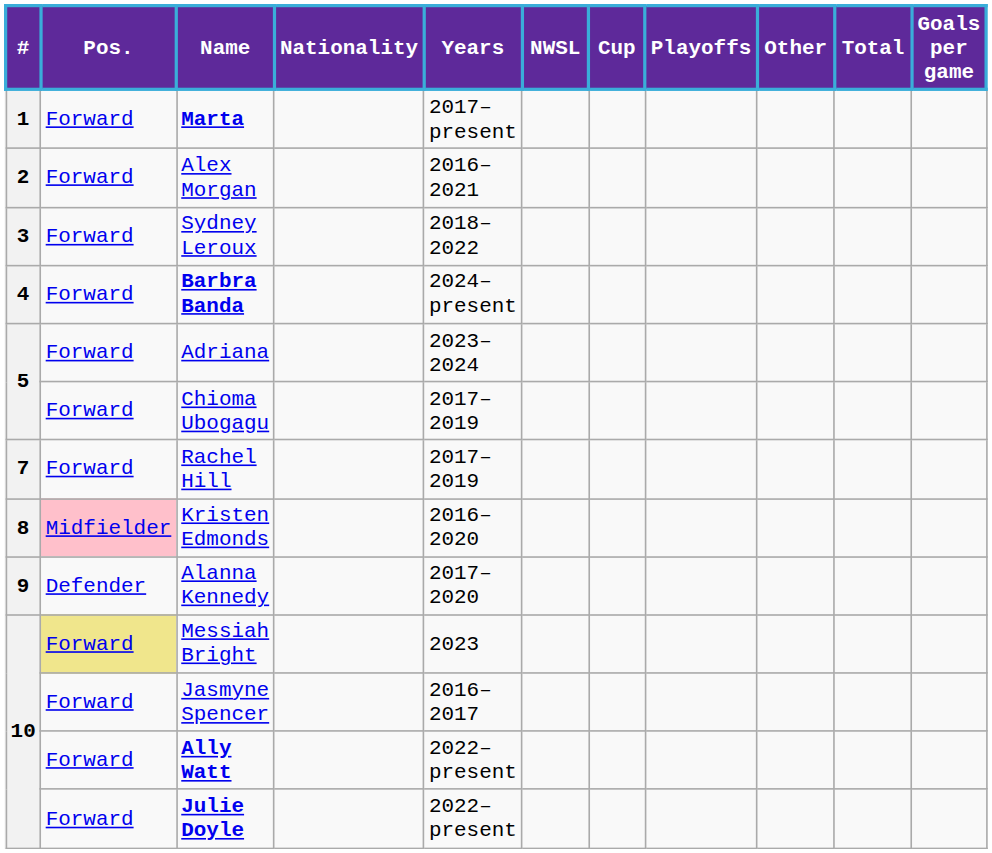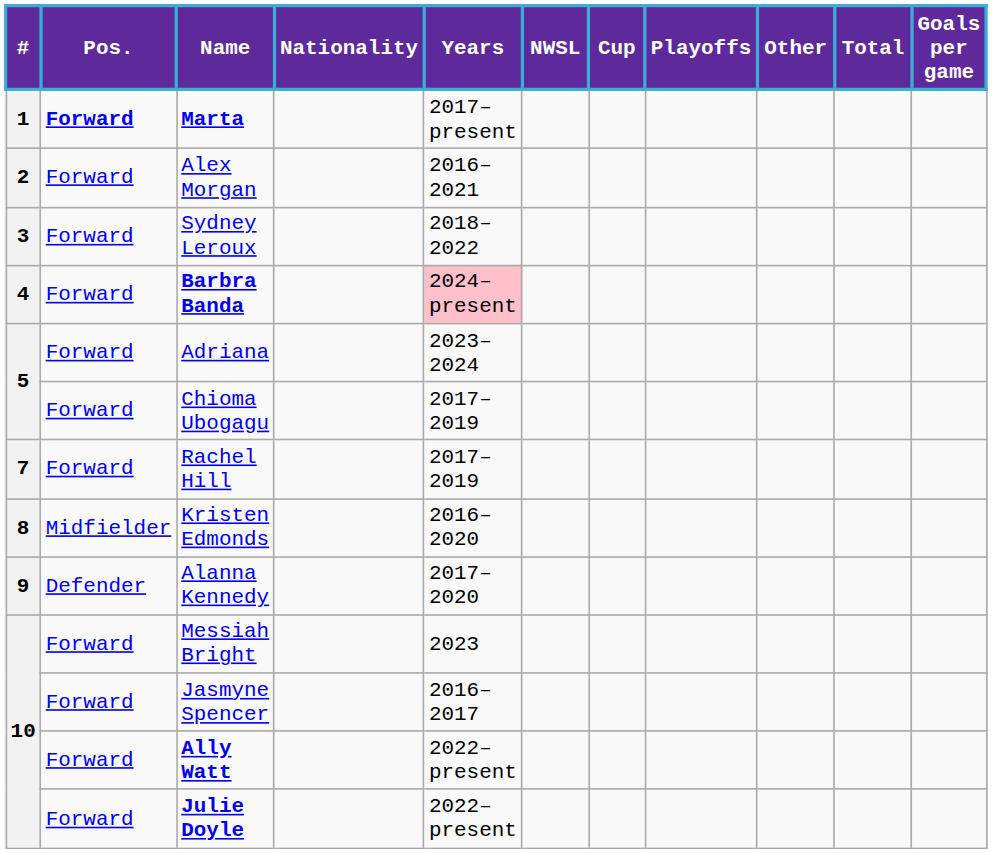 <table class="wikitable sortable" style="text-align:center;">
 <tr>
 <th style="background-color:#5E299A; color:#FFFFFF; border:2px solid #3aadd9;" scope="col">#</th>
 <th style="background-color:#5E299A; color:#FFFFFF; border:2px solid #3aadd9;" scope="col">Pos.</th>
 <th style="background-color:#5E299A; color:#FFFFFF; border:2px solid #3aadd9;" scope="col">Name</th>
 <th style="background-color:#5E299A; color:#FFFFFF; border:2px solid #3aadd9;" scope="col">Nationality</th>
 <th style="background-color:#5E299A; color:#FFFFFF; border:2px solid #3aadd9;" scope="col">Years</th>
 <th style="background-color:#5E299A; color:#FFFFFF; border:2px solid #3aadd9; width:50px;" scope="col">NWSL</th>
 <th style="background-color:#5E299A; color:#FFFFFF; border:2px solid #3aadd9; width:50px;" scope="col">Cup</th>
 <th style="background-color:#5E299A; color:#FFFFFF; border:2px solid #3aadd9; width:50px;" scope="col">Playoffs</th>
 <th style="background-color:#5E299A; color:#FFFFFF; border:2px solid #3aadd9; width:50px;" scope="col">Other</th>
 <th style="background-color:#5E299A; color:#FFFFFF; border:2px solid #3aadd9; width:50px;" scope="col">Total</th>
 <th style="background-color:#5E299A; color:#FFFFFF; border:2px solid #3aadd9;" scope="col">Goals per game</th>
 </tr>
 <tr>
 <th>1</th>
-<td style="text-align:left;"><a href='#'>Forward</a></td>
+<td style="text-align:left;"><strong><a href='#'>Forward</a></strong></td>
 <td style="text-align:left;"><strong><a href='#'>Marta</a></strong></td>
 <td style="text-align:left;"></td>
 <td style="text-align:left;">2017–present</td>
 <td></td>
 <td></td>
 <td></td>
 <td></td>
 <td></td>
 <td></td>
 </tr>
 <tr>
 <th>2</th>
 <td style="text-align:left;"><a href='#'>Forward</a></td>
 <td style="text-align:left;"><a href='#'>Alex Morgan</a></td>
 <td style="text-align:left;"></td>
 <td style="text-align:left;">2016–2021</td>
 <td></td>
 <td></td>
 <td></td>
 <td></td>
 <td></td>
 <td></td>
 </tr>
 <tr>
 <th>3</th>
 <td style="text-align:left;"><a href='#'>Forward</a></td>
 <td style="text-align:left;"><a href='#'>Sydney Leroux</a></td>
 <td style="text-align:left;"></td>
 <td style="text-align:left;">2018–2022</td>
 <td></td>
 <td></td>
 <td></td>
 <td></td>
 <td></td>
 <td></td>
 </tr>
 <tr>
 <th rowspan=1>4</th>
 <td style="text-align:left;"><a href='#'>Forward</a></td>
 <td style="text-align:left;"><strong><a href='#'>Barbra Banda</a></strong></td>
 <td style="text-align:left;"></td>
-<td style="text-align:left;">2024–present</td>
+<td style="background: pink; text-align:left;">2024–present</td>
 <td></td>
 <td></td>
 <td></td>
 <td></td>
 <td></td>
 <td></td>
 </tr>
 <tr>
 <th rowspan=2>5</th>
 <td style="text-align:left;"><a href='#'>Forward</a></td>
 <td style="text-align:left;"><a href='#'>Adriana</a></td>
 <td style="text-align:left;"></td>
 <td style="text-align:left;">2023–2024</td>
 <td></td>
 <td></td>
 <td></td>
 <td></td>
 <td></td>
 <td></td>
 </tr>
 <tr>
 <td style="text-align:left;"><a href='#'>Forward</a></td>
 <td style="text-align:left;"><a href='#'>Chioma Ubogagu</a></td>
 <td style="text-align:left;"></td>
 <td style="text-align:left;">2017–2019</td>
 <td></td>
 <td></td>
 <td></td>
 <td></td>
 <td></td>
 <td></td>
 </tr>
 <tr>
 <th>7</th>
 <td style="text-align:left;"><a href='#'>Forward</a></td>
 <td style="text-align:left;"><a href='#'>Rachel Hill</a></td>
 <td style="text-align:left;"></td>
 <td style="text-align:left;">2017–2019</td>
 <td></td>
 <td></td>
 <td></td>
 <td></td>
 <td></td>
 <td></td>
 </tr>
 <tr>
 <th>8</th>
-<td style="background: pink; text-align:left;"><a href='#'>Midfielder</a></td>
+<td style="text-align:left;"><a href='#'>Midfielder</a></td>
 <td style="text-align:left;"><a href='#'>Kristen Edmonds</a></td>
 <td style="text-align:left;"></td>
 <td style="text-align:left;">2016–2020</td>
 <td></td>
 <td></td>
 <td></td>
 <td></td>
 <td></td>
 <td></td>
 </tr>
 <tr>
 <th>9</th>
 <td style="text-align:left;"><a href='#'>Defender</a></td>
 <td style="text-align:left;"><a href='#'>Alanna Kennedy</a></td>
 <td style="text-align:left;"></td>
 <td style="text-align:left;">2017–2020</td>
 <td></td>
 <td></td>
 <td></td>
 <td></td>
 <td></td>
 <td></td>
 </tr>
 <tr>
 <th rowspan=4>10</th>
-<td style="background: khaki; text-align:left;"><a href='#'>Forward</a></td>
+<td style="text-align:left;"><a href='#'>Forward</a></td>
 <td style="text-align:left;"><a href='#'>Messiah Bright</a></td>
 <td style="text-align:left;"></td>
 <td style="text-align:left;">2023</td>
 <td></td>
 <td></td>
 <td></td>
 <td></td>
 <td></td>
 <td></td>
 </tr>
 <tr>
 <td style="text-align:left;"><a href='#'>Forward</a></td>
 <td style="text-align:left;"><a href='#'>Jasmyne Spencer</a></td>
 <td style="text-align:left;"></td>
 <td style="text-align:left;">2016–2017</td>
 <td></td>
 <td></td>
 <td></td>
 <td></td>
 <td></td>
 <td></td>
 </tr>
 <tr>
 <td style="text-align:left;"><a href='#'>Forward</a></td>
 <td style="text-align:left;"><strong><a href='#'>Ally Watt</a></strong></td>
 <td style="text-align:left;"></td>
 <td style="text-align:left;">2022–present</td>
 <td></td>
 <td></td>
 <td></td>
 <td></td>
 <td></td>
 <td></td>
 </tr>
 <tr>
 <td style="text-align:left;"><a href='#'>Forward</a></td>
 <td style="text-align:left;"><strong><a href='#'>Julie Doyle</a></strong></td>
 <td style="text-align:left;"></td>
 <td style="text-align:left;">2022–present</td>
 <td></td>
 <td></td>
 <td></td>
 <td></td>
 <td></td>
 <td></td>
 </tr>
 </table>
